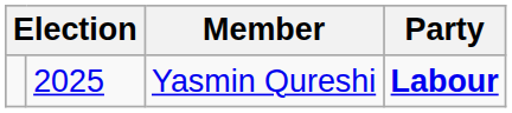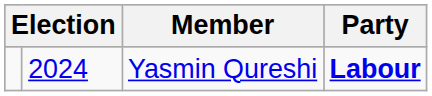 <table class="wikitable">
 <tr>
 <th colspan=2>Election</th>
 <th>Member</th>
 <th>Party</th>
 </tr>
 <tr>
 <td style="color:inherit;background-color: "></td>
-<td><a href='#'>2025</a></td>
+<td><a href='#'>2024</a></td>
 <td><a href='#'>Yasmin Qureshi</a></td>
 <td><strong><a href='#'>Labour</a></strong></td>
 </tr>
 </table>
